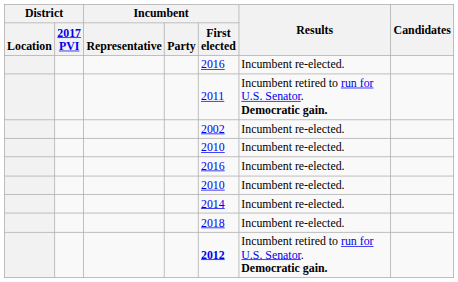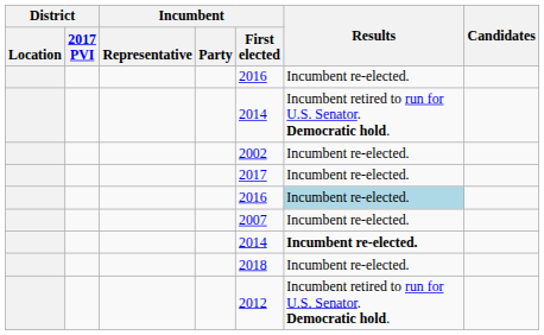 <table class="wikitable sortable">
 <tr>
 <th colspan=2>District</th>
 <th colspan=3>Incumbent</th>
 <th rowspan=2>Results</th>
 <th rowspan=2>Candidates</th>
 </tr>
 <tr valign=bottom>
 <th>Location</th>
 <th><a href='#'>2017<br>PVI</a></th>
 <th>Representative</th>
 <th>Party</th>
 <th>First<br>elected</th>
 </tr>
 <tr>
 <th></th>
 <td></td>
 <td></td>
 <td></td>
 <td><a href='#'>2016</a></td>
 <td>Incumbent re-elected.</td>
 <td nowrap></td>
 </tr>
 <tr>
 <th></th>
 <td></td>
 <td></td>
 <td></td>
-<td><a href='#'>2011</a></td>
-<td>Incumbent retired to <a href='#'>run for U.S. Senator</a>.<br><strong>Democratic gain.</strong></td>
+<td><a href='#'>2014</a></td>
+<td>Incumbent retired to <a href='#'>run for U.S. Senator</a>.<br><strong>Democratic hold</strong>.</td>
 <td nowrap></td>
 </tr>
 <tr>
 <th></th>
 <td></td>
 <td></td>
 <td></td>
 <td><a href='#'>2002</a></td>
 <td>Incumbent re-elected.</td>
 <td nowrap></td>
 </tr>
 <tr>
 <th></th>
 <td></td>
 <td></td>
 <td></td>
-<td><a href='#'>2010</a></td>
+<td><a href='#'>2017</a></td>
 <td>Incumbent re-elected.</td>
 <td nowrap></td>
 </tr>
 <tr>
 <th></th>
 <td></td>
 <td></td>
 <td></td>
 <td><a href='#'>2016</a></td>
-<td>Incumbent re-elected.</td>
+<td style="background: lightblue;">Incumbent re-elected.</td>
 <td nowrap></td>
 </tr>
 <tr>
 <th></th>
 <td></td>
 <td></td>
 <td></td>
-<td><a href='#'>2010</a></td>
+<td><a href='#'>2007</a></td>
 <td>Incumbent re-elected.</td>
 <td nowrap></td>
 </tr>
 <tr>
 <th></th>
 <td></td>
 <td></td>
 <td></td>
 <td><a href='#'>2014</a></td>
-<td>Incumbent re-elected.</td>
+<td><strong>Incumbent re-elected.</strong></td>
 <td nowrap></td>
 </tr>
 <tr>
 <th></th>
 <td></td>
 <td></td>
 <td></td>
 <td><a href='#'>2018 </a></td>
 <td>Incumbent re-elected.</td>
 <td nowrap></td>
 </tr>
 <tr>
 <th></th>
 <td></td>
 <td></td>
 <td></td>
-<td><strong><a href='#'>2012</a></strong></td>
-<td>Incumbent retired to <a href='#'>run for U.S. Senator</a>.<br><strong>Democratic gain.</strong></td>
+<td><a href='#'>2012</a></td>
+<td>Incumbent retired to <a href='#'>run for U.S. Senator</a>.<br><strong>Democratic hold</strong>.</td>
 <td nowrap></td>
 </tr>
 </table>
